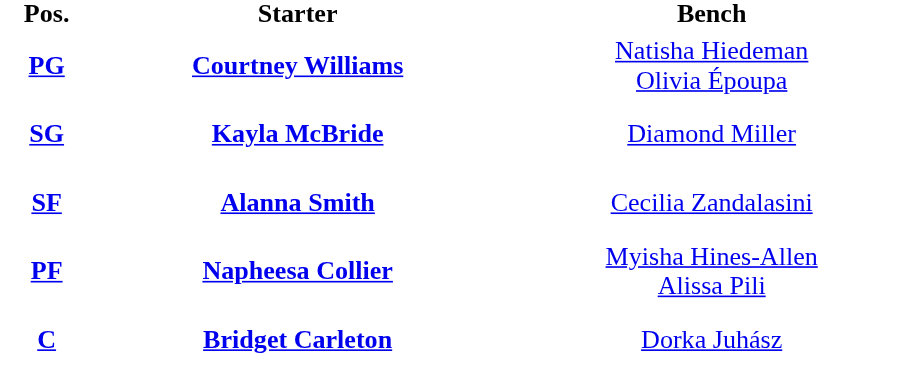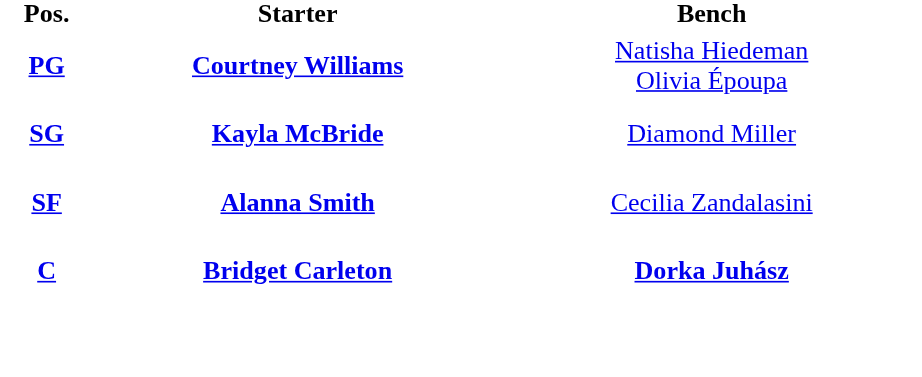 <table style="text-align:center; ">
 <tr>
 <th width="50">Pos.</th>
 <th width="250">Starter</th>
 <th width="250">Bench</th>
 </tr>
 <tr style="height:40px; background:white; color:#092C57">
 <th><a href='#'><span>PG</span></a></th>
 <td><strong><a href='#'>Courtney Williams</a></strong></td>
 <td><a href='#'>Natisha Hiedeman</a><br><a href='#'>Olivia Époupa</a></td>
 </tr>
 <tr style="height:40px; background:white; color:#092C57">
 <th><a href='#'><span>SG</span></a></th>
 <td><strong><a href='#'>Kayla McBride</a></strong></td>
 <td><a href='#'>Diamond Miller</a></td>
 </tr>
 <tr style="height:40px; background:white; color:#092C57">
 <th><a href='#'><span>SF</span></a></th>
 <td><strong><a href='#'>Alanna Smith</a></strong></td>
 <td><a href='#'>Cecilia Zandalasini</a></td>
 </tr>
 <tr style="height:40px; background:white; color:#092C57">
-<th><a href='#'><span>PF</span></a></th>
-<td><strong><a href='#'>Napheesa Collier</a></strong></td>
-<td><a href='#'>Myisha Hines-Allen</a><br><a href='#'>Alissa Pili</a></td>
-</tr>
-<tr style="height:40px; background:white; color:#092C57">
 <th><a href='#'><span>C</span></a></th>
 <td><strong><a href='#'>Bridget Carleton</a></strong></td>
-<td><a href='#'>Dorka Juhász</a></td>
+<td><strong><a href='#'>Dorka Juhász</a></strong></td>
 </tr>
 </table>
